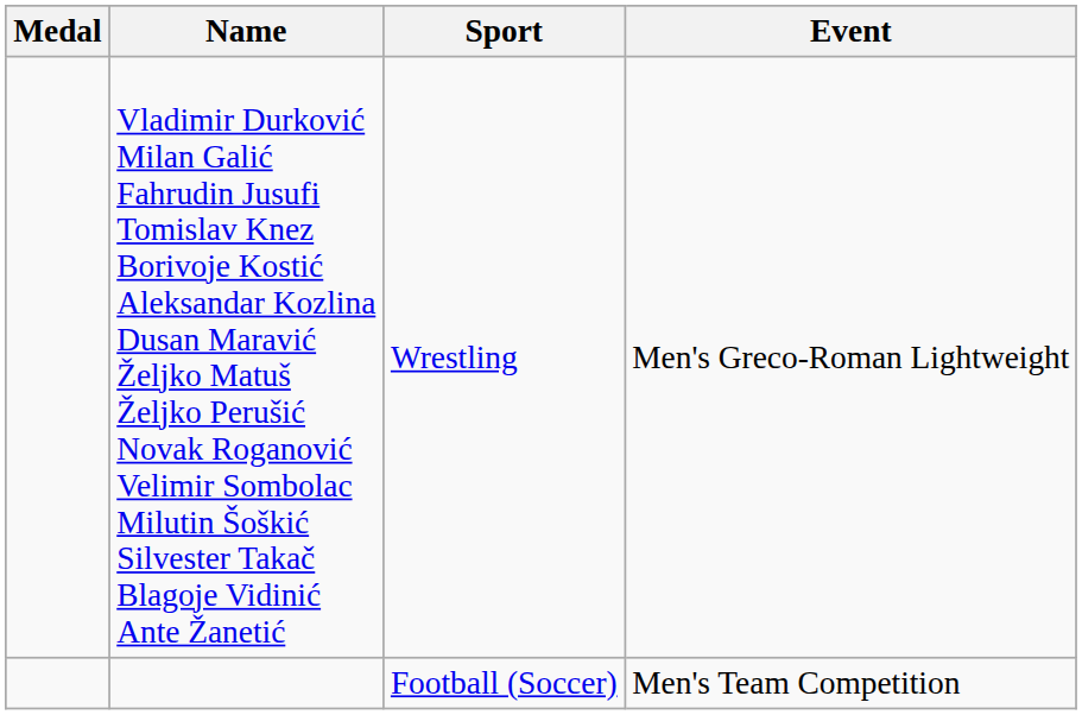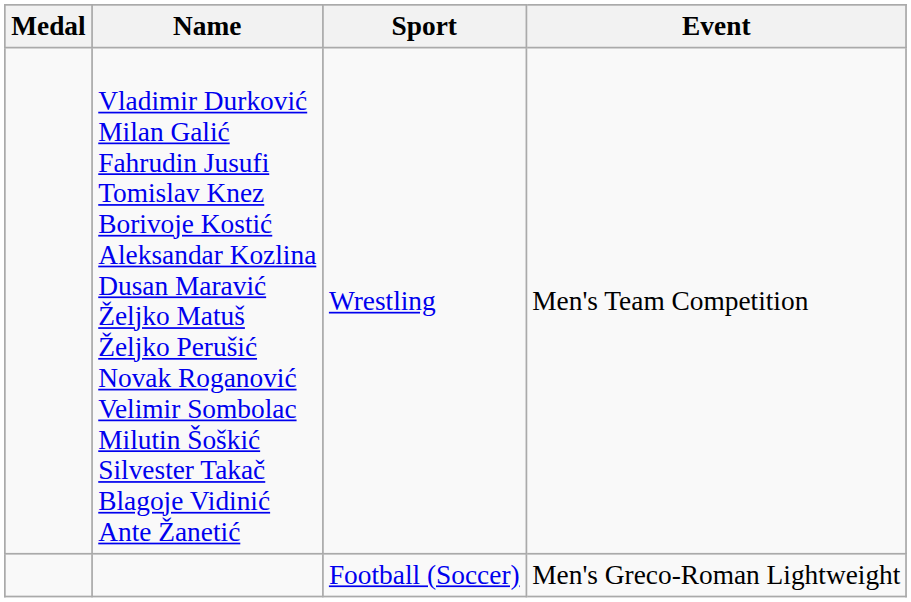 <table class="wikitable sortable">
 <tr>
 <th>Medal</th>
 <th>Name</th>
 <th>Sport</th>
 <th>Event</th>
 </tr>
 <tr>
 <td></td>
 <td> <br><a href='#'>Vladimir Durković</a> <br><a href='#'>Milan Galić</a> <br><a href='#'>Fahrudin Jusufi</a> <br><a href='#'>Tomislav Knez</a> <br><a href='#'>Borivoje Kostić</a> <br><a href='#'>Aleksandar Kozlina</a> <br><a href='#'>Dusan Maravić</a> <br><a href='#'>Željko Matuš</a> <br><a href='#'>Željko Perušić</a> <br><a href='#'>Novak Roganović</a> <br><a href='#'>Velimir Sombolac</a> <br><a href='#'>Milutin Šoškić</a> <br><a href='#'>Silvester Takač</a> <br><a href='#'>Blagoje Vidinić</a> <br><a href='#'>Ante Žanetić</a></td>
 <td><a href='#'>Wrestling</a></td>
-<td>Men's Greco-Roman Lightweight</td>
+<td>Men's Team Competition</td>
 </tr>
 <tr>
 <td></td>
 <td></td>
 <td><a href='#'>Football (Soccer)</a></td>
-<td>Men's Team Competition</td>
+<td>Men's Greco-Roman Lightweight</td>
 </tr>
 </table>
